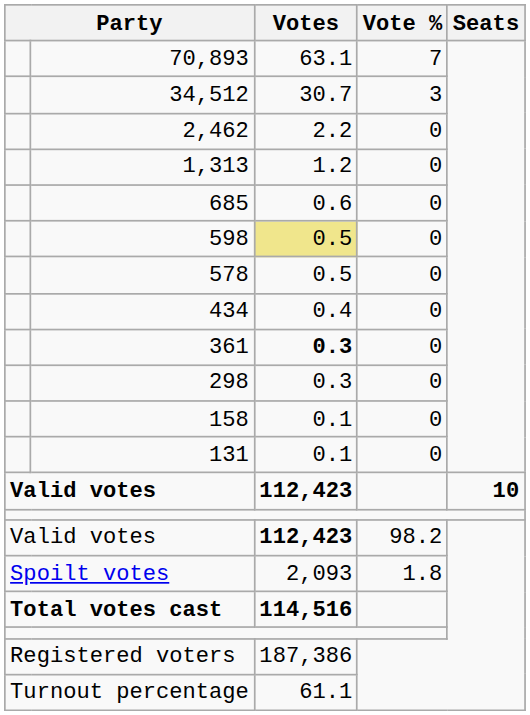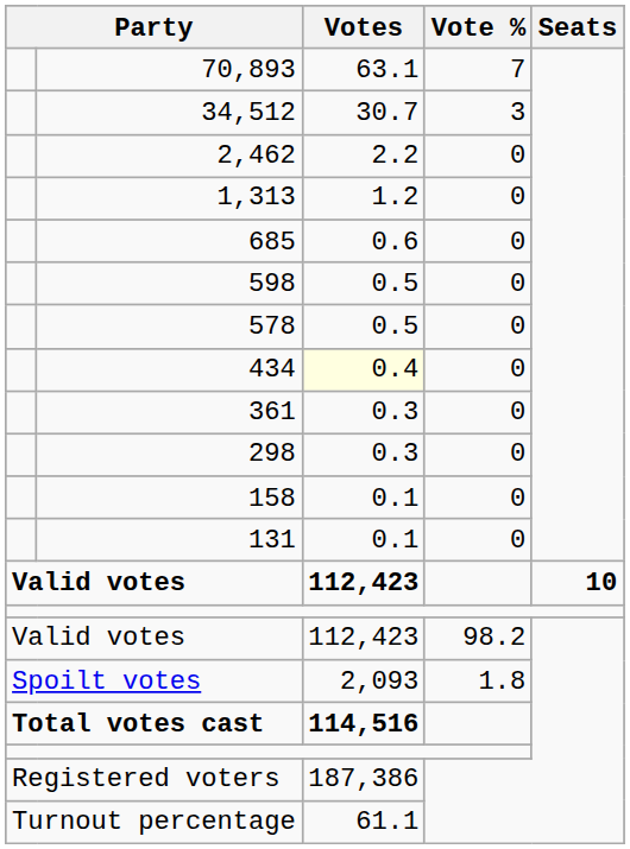 <table class=wikitable style="text-align:right">
 <tr>
 <th colspan=2>Party</th>
 <th>Votes</th>
 <th>Vote %</th>
 <th>Seats</th>
 </tr>
 <tr>
 <td></td>
 <td>70,893</td>
 <td>63.1</td>
 <td>7</td>
 </tr>
 <tr>
 <td></td>
 <td>34,512</td>
 <td>30.7</td>
 <td>3</td>
 </tr>
 <tr>
 <td></td>
 <td>2,462</td>
 <td>2.2</td>
 <td>0</td>
 </tr>
 <tr>
 <td></td>
 <td>1,313</td>
 <td>1.2</td>
 <td>0</td>
 </tr>
 <tr>
 <td></td>
 <td>685</td>
 <td>0.6</td>
 <td>0</td>
 </tr>
 <tr>
 <td></td>
 <td>598</td>
-<td style="background: khaki;">0.5</td>
+<td>0.5</td>
 <td>0</td>
 </tr>
 <tr>
 <td></td>
 <td>578</td>
 <td>0.5</td>
 <td>0</td>
 </tr>
 <tr>
 <td></td>
 <td>434</td>
-<td>0.4</td>
+<td style="background: lightyellow;">0.4</td>
 <td>0</td>
 </tr>
 <tr>
 <td></td>
 <td>361</td>
-<td><strong>0.3</strong></td>
+<td>0.3</td>
 <td>0</td>
 </tr>
 <tr>
 <td></td>
 <td>298</td>
 <td>0.3</td>
 <td>0</td>
 </tr>
 <tr>
 <td></td>
 <td>158</td>
 <td>0.1</td>
 <td>0</td>
 </tr>
 <tr>
 <td></td>
 <td>131</td>
 <td>0.1</td>
 <td>0</td>
 </tr>
 <tr>
 <td colspan=2 style="text-align:left"><strong>Valid votes</strong></td>
 <td><strong>112,423</strong></td>
 <td></td>
 <td><strong>10</strong></td>
 </tr>
 <tr>
 <td colspan=5></td>
 </tr>
 <tr>
 <td colspan=2 style="text-align:left">Valid votes</td>
-<td><strong>112,423</strong></td>
+<td>112,423</td>
 <td>98.2</td>
 </tr>
 <tr>
 <td colspan=2 style="text-align:left"><a href='#'>Spoilt votes</a></td>
 <td>2,093</td>
 <td>1.8</td>
 </tr>
 <tr>
 <td colspan=2 style="text-align:left"><strong>Total votes cast</strong></td>
 <td><strong>114,516</strong></td>
 <td></td>
 </tr>
 <tr>
 <td colspan="4"></td>
 </tr>
 <tr>
 <td colspan=2 style="text-align:left">Registered voters</td>
 <td>187,386</td>
 </tr>
 <tr>
 <td colspan=2 style="text-align:left">Turnout percentage</td>
 <td>61.1</td>
 </tr>
 </table>
